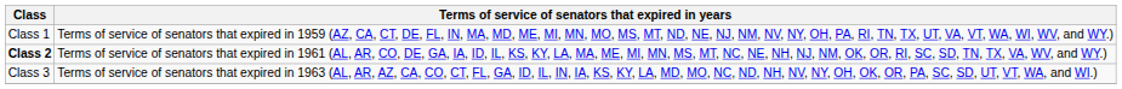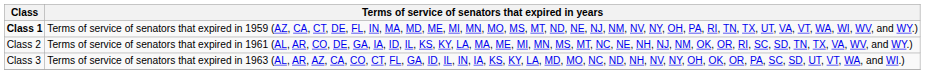 <table class="wikitable sortable">
 <tr valign=bottom>
 <th>Class</th>
 <th>Terms of service of senators that expired in years</th>
 </tr>
 <tr>
-<td>Class 1</td>
+<td><strong>Class 1</strong></td>
 <td>Terms of service of senators that expired in 1959 (<a href='#'>AZ</a>, <a href='#'>CA</a>, <a href='#'>CT</a>, <a href='#'>DE</a>, <a href='#'>FL</a>, <a href='#'>IN</a>, <a href='#'>MA</a>, <a href='#'>MD</a>, <a href='#'>ME</a>,  <a href='#'>MI</a>, <a href='#'>MN</a>, <a href='#'>MO</a>, <a href='#'>MS</a>, <a href='#'>MT</a>, <a href='#'>ND</a>, <a href='#'>NE</a>, <a href='#'>NJ</a>, <a href='#'>NM</a>, <a href='#'>NV</a>, <a href='#'>NY</a>, <a href='#'>OH</a>, <a href='#'>PA</a>, <a href='#'>RI</a>, <a href='#'>TN</a>, <a href='#'>TX</a>, <a href='#'>UT</a>, <a href='#'>VA</a>, <a href='#'>VT</a>, <a href='#'>WA</a>, <a href='#'>WI</a>, <a href='#'>WV</a>, and <a href='#'>WY</a>.)</td>
 </tr>
 <tr>
-<td><strong>Class 2</strong></td>
+<td>Class 2</td>
 <td>Terms of service of senators that expired in 1961 (<a href='#'>AL</a>, <a href='#'>AR</a>, <a href='#'>CO</a>, <a href='#'>DE</a>, <a href='#'>GA</a>, <a href='#'>IA</a>, <a href='#'>ID</a>, <a href='#'>IL</a>, <a href='#'>KS</a>, <a href='#'>KY</a>, <a href='#'>LA</a>, <a href='#'>MA</a>, <a href='#'>ME</a>, <a href='#'>MI</a>, <a href='#'>MN</a>, <a href='#'>MS</a>, <a href='#'>MT</a>, <a href='#'>NC</a>, <a href='#'>NE</a>, <a href='#'>NH</a>, <a href='#'>NJ</a>, <a href='#'>NM</a>, <a href='#'>OK</a>, <a href='#'>OR</a>, <a href='#'>RI</a>, <a href='#'>SC</a>, <a href='#'>SD</a>, <a href='#'>TN</a>, <a href='#'>TX</a>, <a href='#'>VA</a>, <a href='#'>WV</a>, and <a href='#'>WY</a>.)</td>
 </tr>
 <tr>
 <td>Class 3</td>
 <td>Terms of service of senators that expired in 1963 (<a href='#'>AL</a>, <a href='#'>AR</a>, <a href='#'>AZ</a>, <a href='#'>CA</a>, <a href='#'>CO</a>, <a href='#'>CT</a>, <a href='#'>FL</a>, <a href='#'>GA</a>, <a href='#'>ID</a>, <a href='#'>IL</a>, <a href='#'>IN</a>, <a href='#'>IA</a>, <a href='#'>KS</a>, <a href='#'>KY</a>, <a href='#'>LA</a>, <a href='#'>MD</a>, <a href='#'>MO</a>, <a href='#'>NC</a>, <a href='#'>ND</a>, <a href='#'>NH</a>, <a href='#'>NV</a>, <a href='#'>NY</a>, <a href='#'>OH</a>, <a href='#'>OK</a>, <a href='#'>OR</a>, <a href='#'>PA</a>, <a href='#'>SC</a>, <a href='#'>SD</a>, <a href='#'>UT</a>, <a href='#'>VT</a>, <a href='#'>WA</a>, and <a href='#'>WI</a>.)</td>
 </tr>
 <tr>
 </tr>
 </table>
